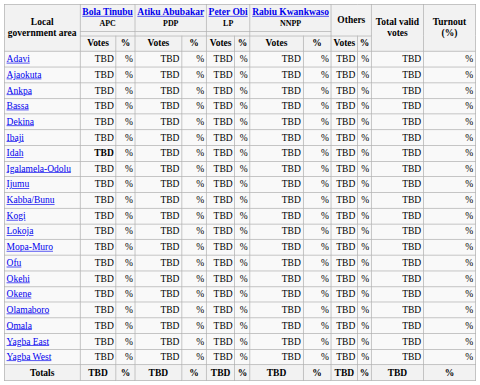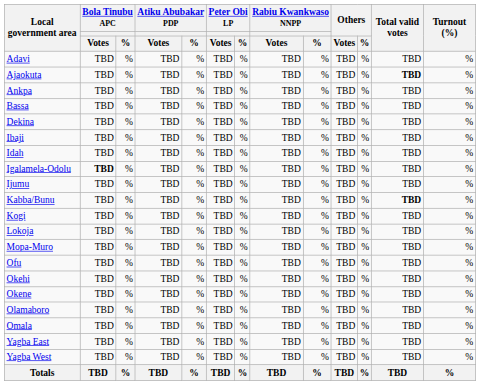 <table class="wikitable sortable" style="text-align:right; font-size:90%">
 <tr>
 <th rowspan="3" style="max-width:7.5em;">Local government area</th>
 <th colspan="2"><a href='#'>Bola Tinubu</a><br><small>APC</small></th>
 <th colspan="2"><a href='#'>Atiku Abubakar</a><br><small>PDP</small></th>
 <th colspan="2"><a href='#'>Peter Obi</a><br><small>LP</small></th>
 <th colspan="2"><a href='#'>Rabiu Kwankwaso</a><br><small>NNPP</small></th>
 <th colspan="2" rowspan="2">Others</th>
 <th rowspan="3" style="max-width:5em;">Total valid votes</th>
 <th rowspan="3" style="max-width:5em;">Turnout (%)</th>
 </tr>
 <tr>
 <th colspan=2 style="background-color:"></th>
 <th colspan=2 style="background-color:"></th>
 <th colspan=2 style="background-color:"></th>
 <th colspan=2 style="background-color:"></th>
 </tr>
 <tr>
 <th>Votes</th>
 <th>%</th>
 <th>Votes</th>
 <th>%</th>
 <th>Votes</th>
 <th>%</th>
 <th>Votes</th>
 <th>%</th>
 <th>Votes</th>
 <th>%</th>
 </tr>
 <tr style="background-color:#">
 <td style="text-align:left;"><a href='#'>Adavi</a></td>
 <td>TBD</td>
 <td>%</td>
 <td>TBD</td>
 <td>%</td>
 <td>TBD</td>
 <td>%</td>
 <td>TBD</td>
 <td>%</td>
 <td>TBD</td>
 <td>%</td>
 <td>TBD</td>
 <td>%</td>
 </tr>
 <tr style="background-color:#">
 <td style="text-align:left;"><a href='#'>Ajaokuta</a></td>
 <td>TBD</td>
 <td>%</td>
 <td>TBD</td>
 <td>%</td>
 <td>TBD</td>
 <td>%</td>
 <td>TBD</td>
 <td>%</td>
 <td>TBD</td>
 <td>%</td>
-<td>TBD</td>
+<td><strong>TBD</strong></td>
 <td>%</td>
 </tr>
 <tr style="background-color:#">
 <td style="text-align:left;"><a href='#'>Ankpa</a></td>
 <td>TBD</td>
 <td>%</td>
 <td>TBD</td>
 <td>%</td>
 <td>TBD</td>
 <td>%</td>
 <td>TBD</td>
 <td>%</td>
 <td>TBD</td>
 <td>%</td>
 <td>TBD</td>
 <td>%</td>
 </tr>
 <tr style="background-color:#">
 <td style="text-align:left;"><a href='#'>Bassa</a></td>
 <td>TBD</td>
 <td>%</td>
 <td>TBD</td>
 <td>%</td>
 <td>TBD</td>
 <td>%</td>
 <td>TBD</td>
 <td>%</td>
 <td>TBD</td>
 <td>%</td>
 <td>TBD</td>
 <td>%</td>
 </tr>
 <tr style="background-color:#">
 <td style="text-align:left;"><a href='#'>Dekina</a></td>
 <td>TBD</td>
 <td>%</td>
 <td>TBD</td>
 <td>%</td>
 <td>TBD</td>
 <td>%</td>
 <td>TBD</td>
 <td>%</td>
 <td>TBD</td>
 <td>%</td>
 <td>TBD</td>
 <td>%</td>
 </tr>
 <tr style="background-color:#">
 <td style="text-align:left;"><a href='#'>Ibaji</a></td>
 <td>TBD</td>
 <td>%</td>
 <td>TBD</td>
 <td>%</td>
 <td>TBD</td>
 <td>%</td>
 <td>TBD</td>
 <td>%</td>
 <td>TBD</td>
 <td>%</td>
 <td>TBD</td>
 <td>%</td>
 </tr>
 <tr style="background-color:#">
 <td style="text-align:left;"><a href='#'>Idah</a></td>
-<td><strong>TBD</strong></td>
+<td>TBD</td>
 <td>%</td>
 <td>TBD</td>
 <td>%</td>
 <td>TBD</td>
 <td>%</td>
 <td>TBD</td>
 <td>%</td>
 <td>TBD</td>
 <td>%</td>
 <td>TBD</td>
 <td>%</td>
 </tr>
 <tr style="background-color:#">
 <td style="text-align:left;"><a href='#'>Igalamela-Odolu</a></td>
-<td>TBD</td>
+<td><strong>TBD</strong></td>
 <td>%</td>
 <td>TBD</td>
 <td>%</td>
 <td>TBD</td>
 <td>%</td>
 <td>TBD</td>
 <td>%</td>
 <td>TBD</td>
 <td>%</td>
 <td>TBD</td>
 <td>%</td>
 </tr>
 <tr style="background-color:#">
 <td style="text-align:left;"><a href='#'>Ijumu</a></td>
 <td>TBD</td>
 <td>%</td>
 <td>TBD</td>
 <td>%</td>
 <td>TBD</td>
 <td>%</td>
 <td>TBD</td>
 <td>%</td>
 <td>TBD</td>
 <td>%</td>
 <td>TBD</td>
 <td>%</td>
 </tr>
 <tr style="background-color:#">
 <td style="text-align:left;"><a href='#'>Kabba/Bunu</a></td>
 <td>TBD</td>
 <td>%</td>
 <td>TBD</td>
 <td>%</td>
 <td>TBD</td>
 <td>%</td>
 <td>TBD</td>
 <td>%</td>
 <td>TBD</td>
 <td>%</td>
-<td>TBD</td>
+<td><strong>TBD</strong></td>
 <td>%</td>
 </tr>
 <tr style="background-color:#">
 <td style="text-align:left;"><a href='#'>Kogi</a></td>
 <td>TBD</td>
 <td>%</td>
 <td>TBD</td>
 <td>%</td>
 <td>TBD</td>
 <td>%</td>
 <td>TBD</td>
 <td>%</td>
 <td>TBD</td>
 <td>%</td>
 <td>TBD</td>
 <td>%</td>
 </tr>
 <tr style="background-color:#">
 <td style="text-align:left;"><a href='#'>Lokoja</a></td>
 <td>TBD</td>
 <td>%</td>
 <td>TBD</td>
 <td>%</td>
 <td>TBD</td>
 <td>%</td>
 <td>TBD</td>
 <td>%</td>
 <td>TBD</td>
 <td>%</td>
 <td>TBD</td>
 <td>%</td>
 </tr>
 <tr style="background-color:#">
 <td style="text-align:left;"><a href='#'>Mopa-Muro</a></td>
 <td>TBD</td>
 <td>%</td>
 <td>TBD</td>
 <td>%</td>
 <td>TBD</td>
 <td>%</td>
 <td>TBD</td>
 <td>%</td>
 <td>TBD</td>
 <td>%</td>
 <td>TBD</td>
 <td>%</td>
 </tr>
 <tr style="background-color:#">
 <td style="text-align:left;"><a href='#'>Ofu</a></td>
 <td>TBD</td>
 <td>%</td>
 <td>TBD</td>
 <td>%</td>
 <td>TBD</td>
 <td>%</td>
 <td>TBD</td>
 <td>%</td>
 <td>TBD</td>
 <td>%</td>
 <td>TBD</td>
 <td>%</td>
 </tr>
 <tr style="background-color:#">
 <td style="text-align:left;"><a href='#'>Okehi</a></td>
 <td>TBD</td>
 <td>%</td>
 <td>TBD</td>
 <td>%</td>
 <td>TBD</td>
 <td>%</td>
 <td>TBD</td>
 <td>%</td>
 <td>TBD</td>
 <td>%</td>
 <td>TBD</td>
 <td>%</td>
 </tr>
 <tr style="background-color:#">
 <td style="text-align:left;"><a href='#'>Okene</a></td>
 <td>TBD</td>
 <td>%</td>
 <td>TBD</td>
 <td>%</td>
 <td>TBD</td>
 <td>%</td>
 <td>TBD</td>
 <td>%</td>
 <td>TBD</td>
 <td>%</td>
 <td>TBD</td>
 <td>%</td>
 </tr>
 <tr style="background-color:#">
 <td style="text-align:left;"><a href='#'>Olamaboro</a></td>
 <td>TBD</td>
 <td>%</td>
 <td>TBD</td>
 <td>%</td>
 <td>TBD</td>
 <td>%</td>
 <td>TBD</td>
 <td>%</td>
 <td>TBD</td>
 <td>%</td>
 <td>TBD</td>
 <td>%</td>
 </tr>
 <tr style="background-color:#">
 <td style="text-align:left;"><a href='#'>Omala</a></td>
 <td>TBD</td>
 <td>%</td>
 <td>TBD</td>
 <td>%</td>
 <td>TBD</td>
 <td>%</td>
 <td>TBD</td>
 <td>%</td>
 <td>TBD</td>
 <td>%</td>
 <td>TBD</td>
 <td>%</td>
 </tr>
 <tr style="background-color:#">
 <td style="text-align:left;"><a href='#'>Yagba East</a></td>
 <td>TBD</td>
 <td>%</td>
 <td>TBD</td>
 <td>%</td>
 <td>TBD</td>
 <td>%</td>
 <td>TBD</td>
 <td>%</td>
 <td>TBD</td>
 <td>%</td>
 <td>TBD</td>
 <td>%</td>
 </tr>
 <tr style="background-color:#">
 <td style="text-align:left;"><a href='#'>Yagba West</a></td>
 <td>TBD</td>
 <td>%</td>
 <td>TBD</td>
 <td>%</td>
 <td>TBD</td>
 <td>%</td>
 <td>TBD</td>
 <td>%</td>
 <td>TBD</td>
 <td>%</td>
 <td>TBD</td>
 <td>%</td>
 </tr>
 <tr>
 <th>Totals</th>
 <th>TBD</th>
 <th>%</th>
 <th>TBD</th>
 <th>%</th>
 <th>TBD</th>
 <th>%</th>
 <th>TBD</th>
 <th>%</th>
 <th>TBD</th>
 <th>%</th>
 <th>TBD</th>
 <th>%</th>
 </tr>
 </table>
